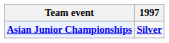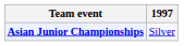 <table class="wikitable" style="font-size: 90%; text-align:center">
 <tr>
 <th>Team event</th>
 <th>1997</th>
 </tr>
 <tr>
 <td bgcolor="#ECF2FF"; align="left"><strong><a href='#'>Asian Junior Championships</a></strong></td>
-<td><strong> <a href='#'>Silver</a></strong></td>
+<td> <a href='#'>Silver</a></td>
 </tr>
 </table>
